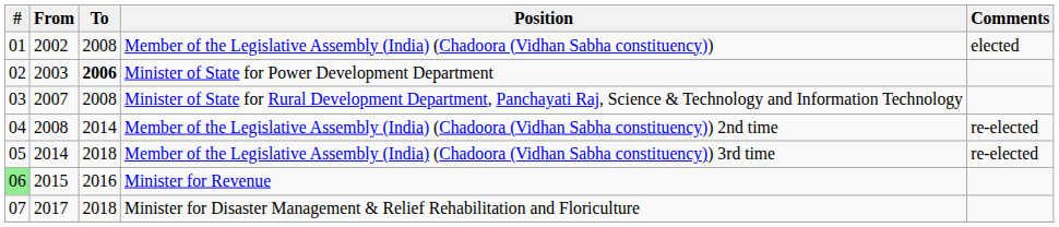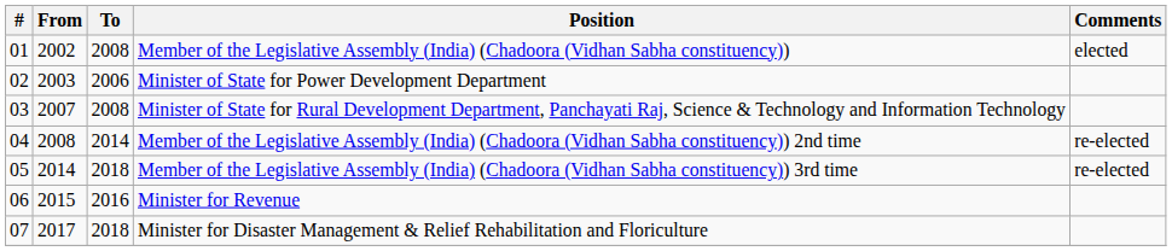 <table class="wikitable sortable">
 <tr>
 <th>#</th>
 <th>From</th>
 <th>To</th>
 <th>Position</th>
 <th>Comments</th>
 </tr>
 <tr>
 <td>01</td>
 <td>2002</td>
 <td>2008</td>
 <td><a href='#'>Member of the Legislative Assembly (India)</a> (<a href='#'>Chadoora (Vidhan Sabha constituency)</a>)</td>
 <td>elected</td>
 </tr>
 <tr>
 <td>02</td>
 <td>2003</td>
-<td><strong>2006</strong></td>
+<td>2006</td>
 <td><a href='#'>Minister of State</a> for Power Development Department</td>
 <td></td>
 </tr>
 <tr>
 <td>03</td>
 <td>2007</td>
 <td>2008</td>
 <td><a href='#'>Minister of State</a> for <a href='#'>Rural Development Department</a>, <a href='#'>Panchayati Raj</a>, Science & Technology and Information Technology</td>
 <td></td>
 </tr>
 <tr>
 <td>04</td>
 <td>2008</td>
 <td>2014</td>
 <td><a href='#'>Member of the Legislative Assembly (India)</a> (<a href='#'>Chadoora (Vidhan Sabha constituency)</a>) 2nd time</td>
 <td>re-elected</td>
 </tr>
 <tr>
 <td>05</td>
 <td>2014</td>
 <td>2018</td>
 <td><a href='#'>Member of the Legislative Assembly (India)</a> (<a href='#'>Chadoora (Vidhan Sabha constituency)</a>) 3rd time</td>
 <td>re-elected</td>
 </tr>
 <tr>
-<td style="background: lightgreen;">06</td>
+<td>06</td>
 <td>2015</td>
 <td>2016</td>
 <td><a href='#'>Minister for Revenue</a></td>
 <td></td>
 </tr>
 <tr>
 <td>07</td>
 <td>2017</td>
 <td>2018</td>
 <td>Minister for Disaster Management & Relief Rehabilitation and Floriculture</td>
 <td></td>
 </tr>
 <tr>
 </tr>
 </table>
